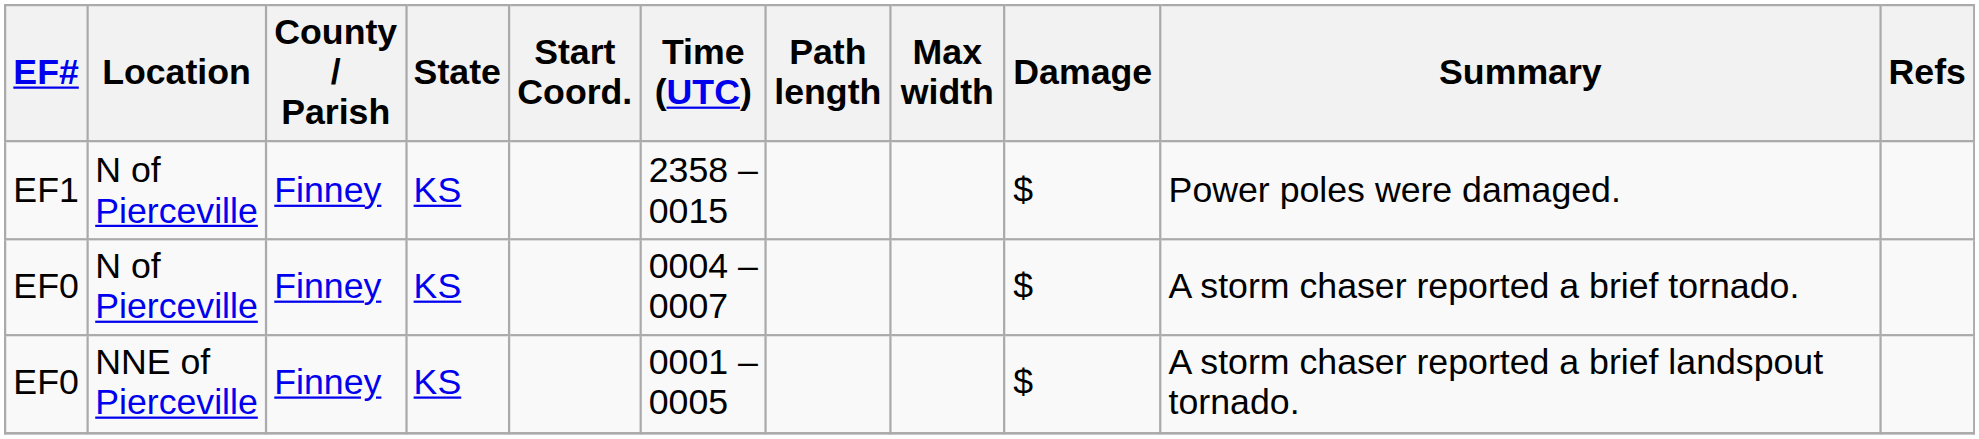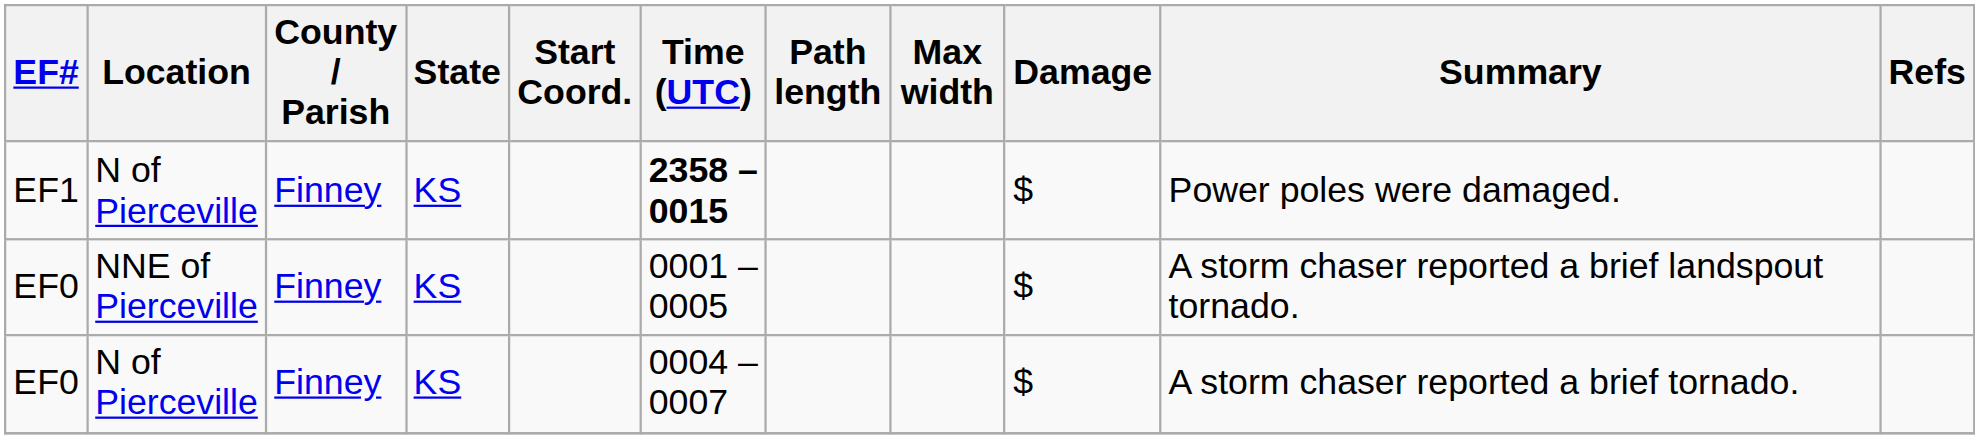 <table class="wikitable sortable" style="width:100%;">
 <tr>
 <th scope="col" width="3%" align="center"><a href='#'>EF#</a></th>
 <th scope="col" width="7%" align="center" class="unsortable">Location</th>
 <th scope="col" width="6%" align="center" class="unsortable">County / Parish</th>
 <th scope="col" width="5%" align="center">State</th>
 <th scope="col" width="6%" align="center">Start Coord.</th>
 <th scope="col" width="6%" align="center">Time (<a href='#'>UTC</a>)</th>
 <th scope="col" width="6%" align="center">Path length</th>
 <th scope="col" width="6%" align="center">Max width</th>
 <th scope="col" width="6%" align="center">Damage</th>
 <th scope="col" width="48%" class="unsortable" align="center">Summary</th>
 <th scope="col" width="48%" class="unsortable" align="center">Refs</th>
 </tr>
 <tr>
 <td>EF1</td>
 <td>N of <a href='#'>Pierceville</a></td>
 <td><a href='#'>Finney</a></td>
 <td><a href='#'>KS</a></td>
 <td></td>
-<td>2358 – 0015</td>
+<td><strong>2358 – 0015</strong></td>
 <td></td>
 <td></td>
 <td>$</td>
 <td>Power poles were damaged.</td>
+<td></td>
+</tr>
+<tr>
+<td>EF0</td>
+<td>NNE of <a href='#'>Pierceville</a></td>
+<td><a href='#'>Finney</a></td>
+<td><a href='#'>KS</a></td>
+<td></td>
+<td>0001 – 0005</td>
+<td></td>
+<td></td>
+<td>$</td>
+<td>A storm chaser reported a brief landspout tornado.</td>
 <td></td>
 </tr>
 <tr>
 <td>EF0</td>
 <td>N of <a href='#'>Pierceville</a></td>
 <td><a href='#'>Finney</a></td>
 <td><a href='#'>KS</a></td>
 <td></td>
 <td>0004 – 0007</td>
 <td></td>
 <td></td>
 <td>$</td>
 <td>A storm chaser reported a brief tornado.</td>
 <td></td>
 </tr>
 <tr>
-<td>EF0</td>
-<td>NNE of <a href='#'>Pierceville</a></td>
-<td><a href='#'>Finney</a></td>
-<td><a href='#'>KS</a></td>
-<td></td>
-<td>0001 – 0005</td>
-<td></td>
-<td></td>
-<td>$</td>
-<td>A storm chaser reported a brief landspout tornado.</td>
-<td></td>
-</tr>
-<tr>
 </tr>
 </table>
